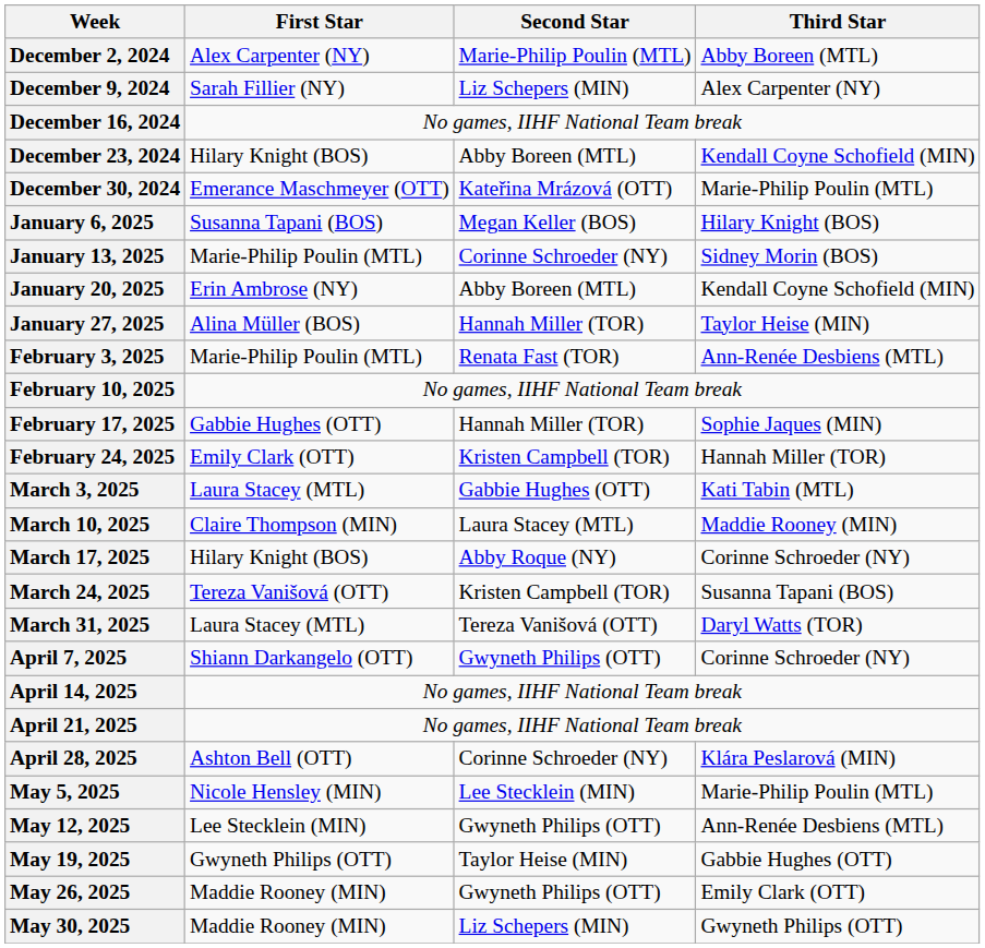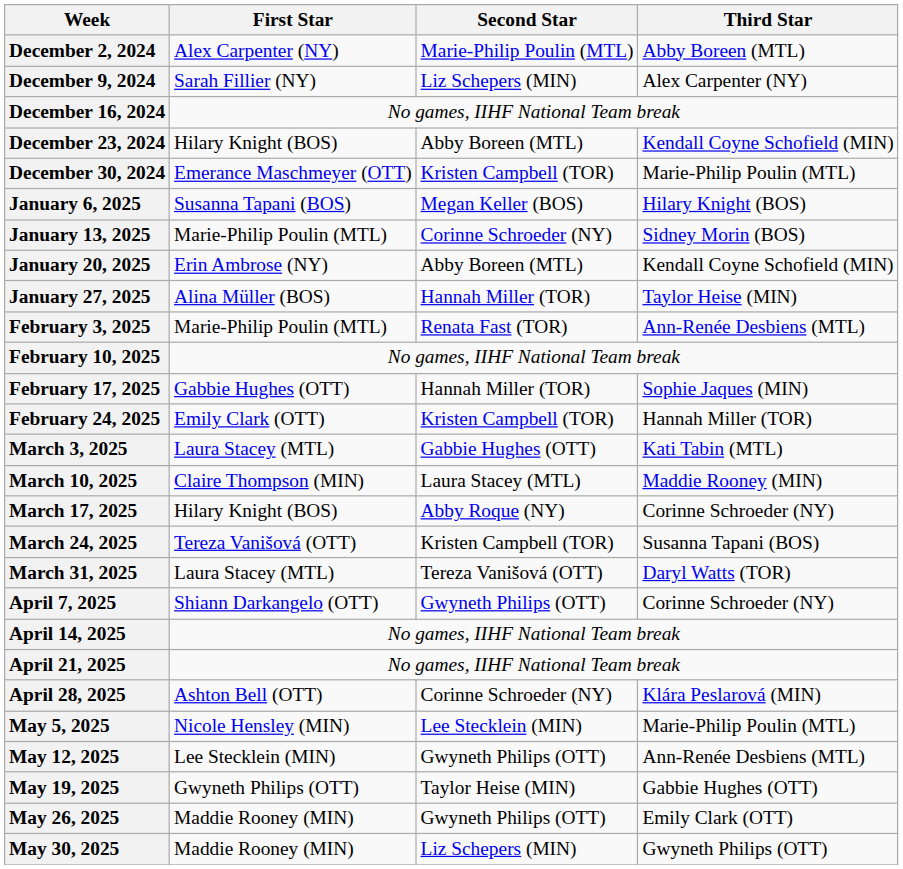 <table class="wikitable" style="text-align: left;">
 <tr>
 <th scope="col">Week</th>
 <th scope="col">First Star</th>
 <th scope="col">Second Star</th>
 <th scope="col">Third Star</th>
 </tr>
 <tr>
 <th scope="row" style="text-align: left;">December 2, 2024</th>
 <td><a href='#'>Alex Carpenter</a> (<a href='#'>NY</a>)</td>
 <td><a href='#'>Marie-Philip Poulin</a> (<a href='#'>MTL</a>)</td>
 <td><a href='#'>Abby Boreen</a> (MTL)</td>
 </tr>
 <tr>
 <th scope="row" style="text-align: left;">December 9, 2024</th>
 <td><a href='#'>Sarah Fillier</a> (NY)</td>
 <td><a href='#'>Liz Schepers</a> (MIN)</td>
 <td>Alex Carpenter (NY)</td>
 </tr>
 <tr>
 <th scope="row" style="text-align: left;">December 16, 2024</th>
 <td colspan="3" style="text-align: center;"><em>No games, IIHF National Team break</em></td>
 </tr>
 <tr>
 <th scope="row" style="text-align: left;">December 23, 2024</th>
 <td>Hilary Knight (BOS)</td>
 <td>Abby Boreen (MTL)</td>
 <td><a href='#'>Kendall Coyne Schofield</a> (MIN)</td>
 </tr>
 <tr>
 <th scope="row" style="text-align: left;">December 30, 2024</th>
 <td><a href='#'>Emerance Maschmeyer</a> (<a href='#'>OTT</a>)</td>
-<td><a href='#'>Kateřina Mrázová</a> (OTT)</td>
+<td><a href='#'>Kristen Campbell</a> (TOR)</td>
 <td>Marie-Philip Poulin (MTL)</td>
 </tr>
 <tr>
 <th scope="row" style="text-align: left;">January 6, 2025</th>
 <td><a href='#'>Susanna Tapani</a> (<a href='#'>BOS</a>)</td>
 <td><a href='#'>Megan Keller</a> (BOS)</td>
 <td><a href='#'>Hilary Knight</a> (BOS)</td>
 </tr>
 <tr>
 <th scope="row" style="text-align: left;">January 13, 2025</th>
 <td>Marie-Philip Poulin (MTL)</td>
 <td><a href='#'>Corinne Schroeder</a> (NY)</td>
 <td><a href='#'>Sidney Morin</a> (BOS)</td>
 </tr>
 <tr>
 <th scope="row" style="text-align: left;">January 20, 2025</th>
 <td><a href='#'>Erin Ambrose</a> (NY)</td>
 <td>Abby Boreen (MTL)</td>
 <td>Kendall Coyne Schofield (MIN)</td>
 </tr>
 <tr>
 <th scope="row" style="text-align: left;">January 27, 2025</th>
 <td><a href='#'>Alina Müller</a> (BOS)</td>
 <td><a href='#'>Hannah Miller</a> (TOR)</td>
 <td><a href='#'>Taylor Heise</a> (MIN)</td>
 </tr>
 <tr>
 <th scope="row" style="text-align: left;">February 3, 2025</th>
 <td>Marie-Philip Poulin (MTL)</td>
 <td><a href='#'>Renata Fast</a> (TOR)</td>
 <td><a href='#'>Ann-Renée Desbiens</a> (MTL)</td>
 </tr>
 <tr>
 <th scope="row" style="text-align: left;">February 10, 2025</th>
 <td colspan="3" style="text-align: center;"><em>No games, IIHF National Team break</em></td>
 </tr>
 <tr>
 <th scope="row" style="text-align: left;">February 17, 2025</th>
 <td><a href='#'>Gabbie Hughes</a> (OTT)</td>
 <td>Hannah Miller (TOR)</td>
 <td><a href='#'>Sophie Jaques</a> (MIN)</td>
 </tr>
 <tr>
 <th scope="row" style="text-align: left;">February 24, 2025</th>
 <td><a href='#'>Emily Clark</a> (OTT)</td>
 <td><a href='#'>Kristen Campbell</a> (TOR)</td>
 <td>Hannah Miller (TOR)</td>
 </tr>
 <tr>
 <th scope="row" style="text-align: left;">March 3, 2025</th>
 <td><a href='#'>Laura Stacey</a> (MTL)</td>
 <td><a href='#'>Gabbie Hughes</a> (OTT)</td>
 <td><a href='#'>Kati Tabin</a> (MTL)</td>
 </tr>
 <tr>
 <th scope="row" style="text-align: left;">March 10, 2025</th>
 <td><a href='#'>Claire Thompson</a> (MIN)</td>
 <td>Laura Stacey (MTL)</td>
 <td><a href='#'>Maddie Rooney</a> (MIN)</td>
 </tr>
 <tr>
 <th scope="row" style="text-align: left;">March 17, 2025</th>
 <td>Hilary Knight (BOS)</td>
 <td><a href='#'>Abby Roque</a> (NY)</td>
 <td>Corinne Schroeder (NY)</td>
 </tr>
 <tr>
 <th scope="row" style="text-align: left;">March 24, 2025</th>
 <td><a href='#'>Tereza Vanišová</a> (OTT)</td>
 <td>Kristen Campbell (TOR)</td>
 <td>Susanna Tapani (BOS)</td>
 </tr>
 <tr>
 <th scope="row" style="text-align: left;">March 31, 2025</th>
 <td>Laura Stacey (MTL)</td>
 <td>Tereza Vanišová (OTT)</td>
 <td><a href='#'>Daryl Watts</a> (TOR)</td>
 </tr>
 <tr>
 <th scope="row" style="text-align: left;">April 7, 2025</th>
 <td><a href='#'>Shiann Darkangelo</a> (OTT)</td>
 <td><a href='#'>Gwyneth Philips</a> (OTT)</td>
 <td>Corinne Schroeder (NY)</td>
 </tr>
 <tr>
 <th scope="row" style="text-align: left;">April 14, 2025</th>
 <td colspan="3" style="text-align: center;"><em>No games, IIHF National Team break</em></td>
 </tr>
 <tr>
 <th scope="row" style="text-align: left;">April 21, 2025</th>
 <td colspan="3" style="text-align: center;"><em>No games, IIHF National Team break</em></td>
 </tr>
 <tr>
 <th scope="row" style="text-align: left;">April 28, 2025</th>
 <td><a href='#'>Ashton Bell</a> (OTT)</td>
 <td>Corinne Schroeder (NY)</td>
 <td><a href='#'>Klára Peslarová</a> (MIN)</td>
 </tr>
 <tr>
 <th scope="row" style="text-align: left;">May 5, 2025</th>
 <td><a href='#'>Nicole Hensley</a> (MIN)</td>
 <td><a href='#'>Lee Stecklein</a> (MIN)</td>
 <td>Marie-Philip Poulin (MTL)</td>
 </tr>
 <tr>
 <th scope="row" style="text-align: left;">May 12, 2025</th>
 <td>Lee Stecklein (MIN)</td>
 <td>Gwyneth Philips (OTT)</td>
 <td>Ann-Renée Desbiens (MTL)</td>
 </tr>
 <tr>
 <th scope="row" style="text-align: left;">May 19, 2025</th>
 <td>Gwyneth Philips (OTT)</td>
 <td>Taylor Heise (MIN)</td>
 <td>Gabbie Hughes (OTT)</td>
 </tr>
 <tr>
 <th scope="row" style="text-align: left;">May 26, 2025</th>
 <td>Maddie Rooney (MIN)</td>
 <td>Gwyneth Philips (OTT)</td>
 <td>Emily Clark (OTT)</td>
 </tr>
 <tr>
 <th scope="row" style="text-align: left;">May 30, 2025</th>
 <td>Maddie Rooney (MIN)</td>
 <td><a href='#'>Liz Schepers</a> (MIN)</td>
 <td>Gwyneth Philips (OTT)</td>
 </tr>
 </table>
